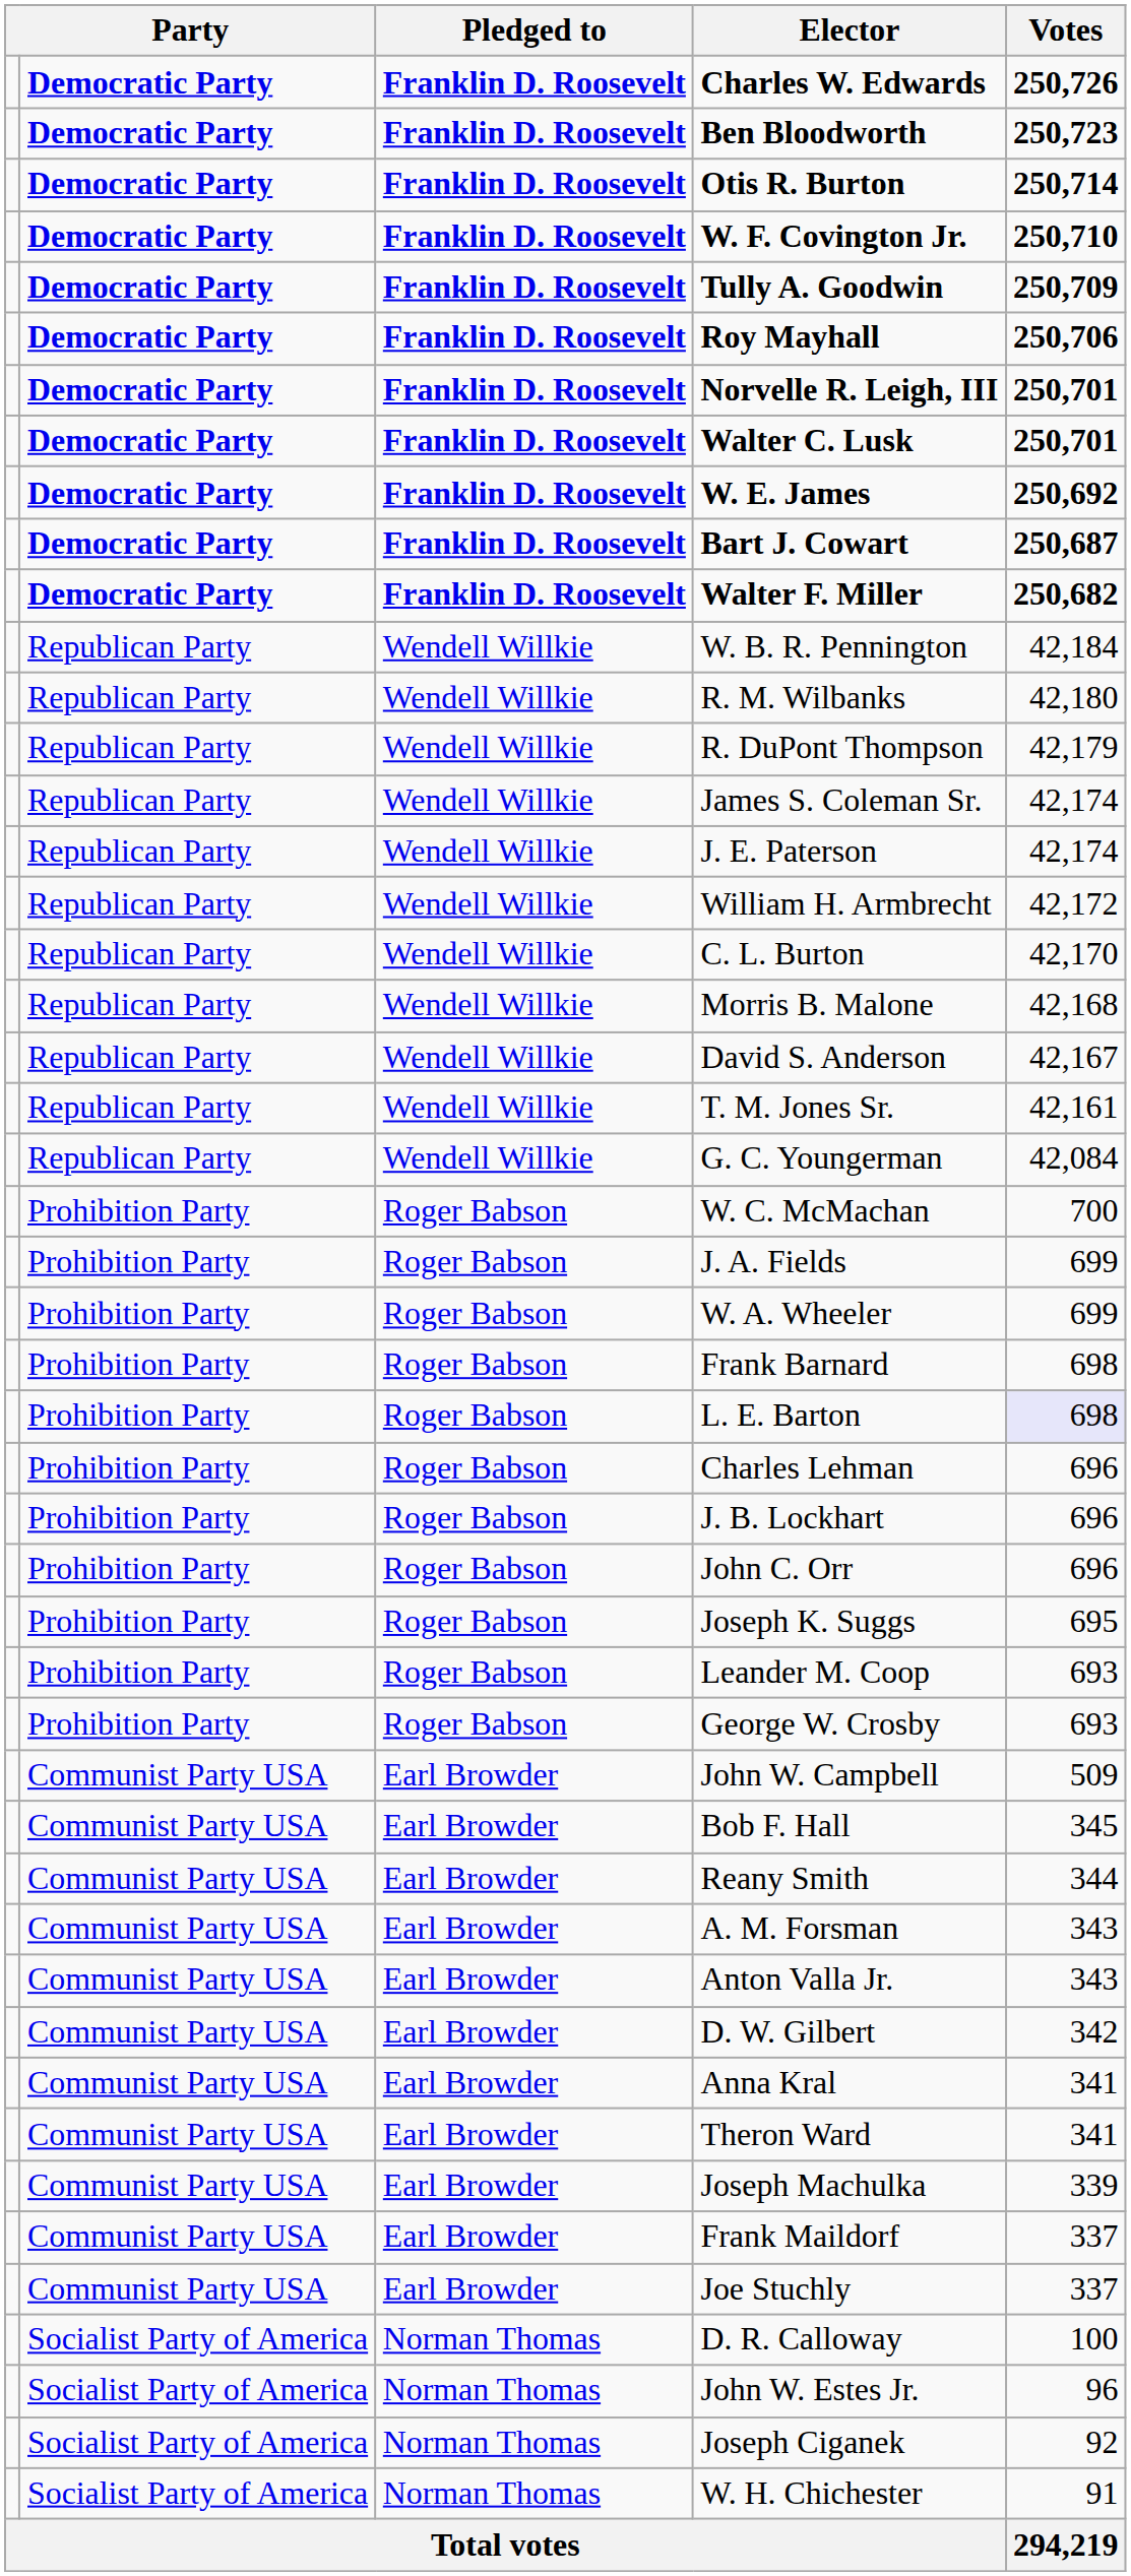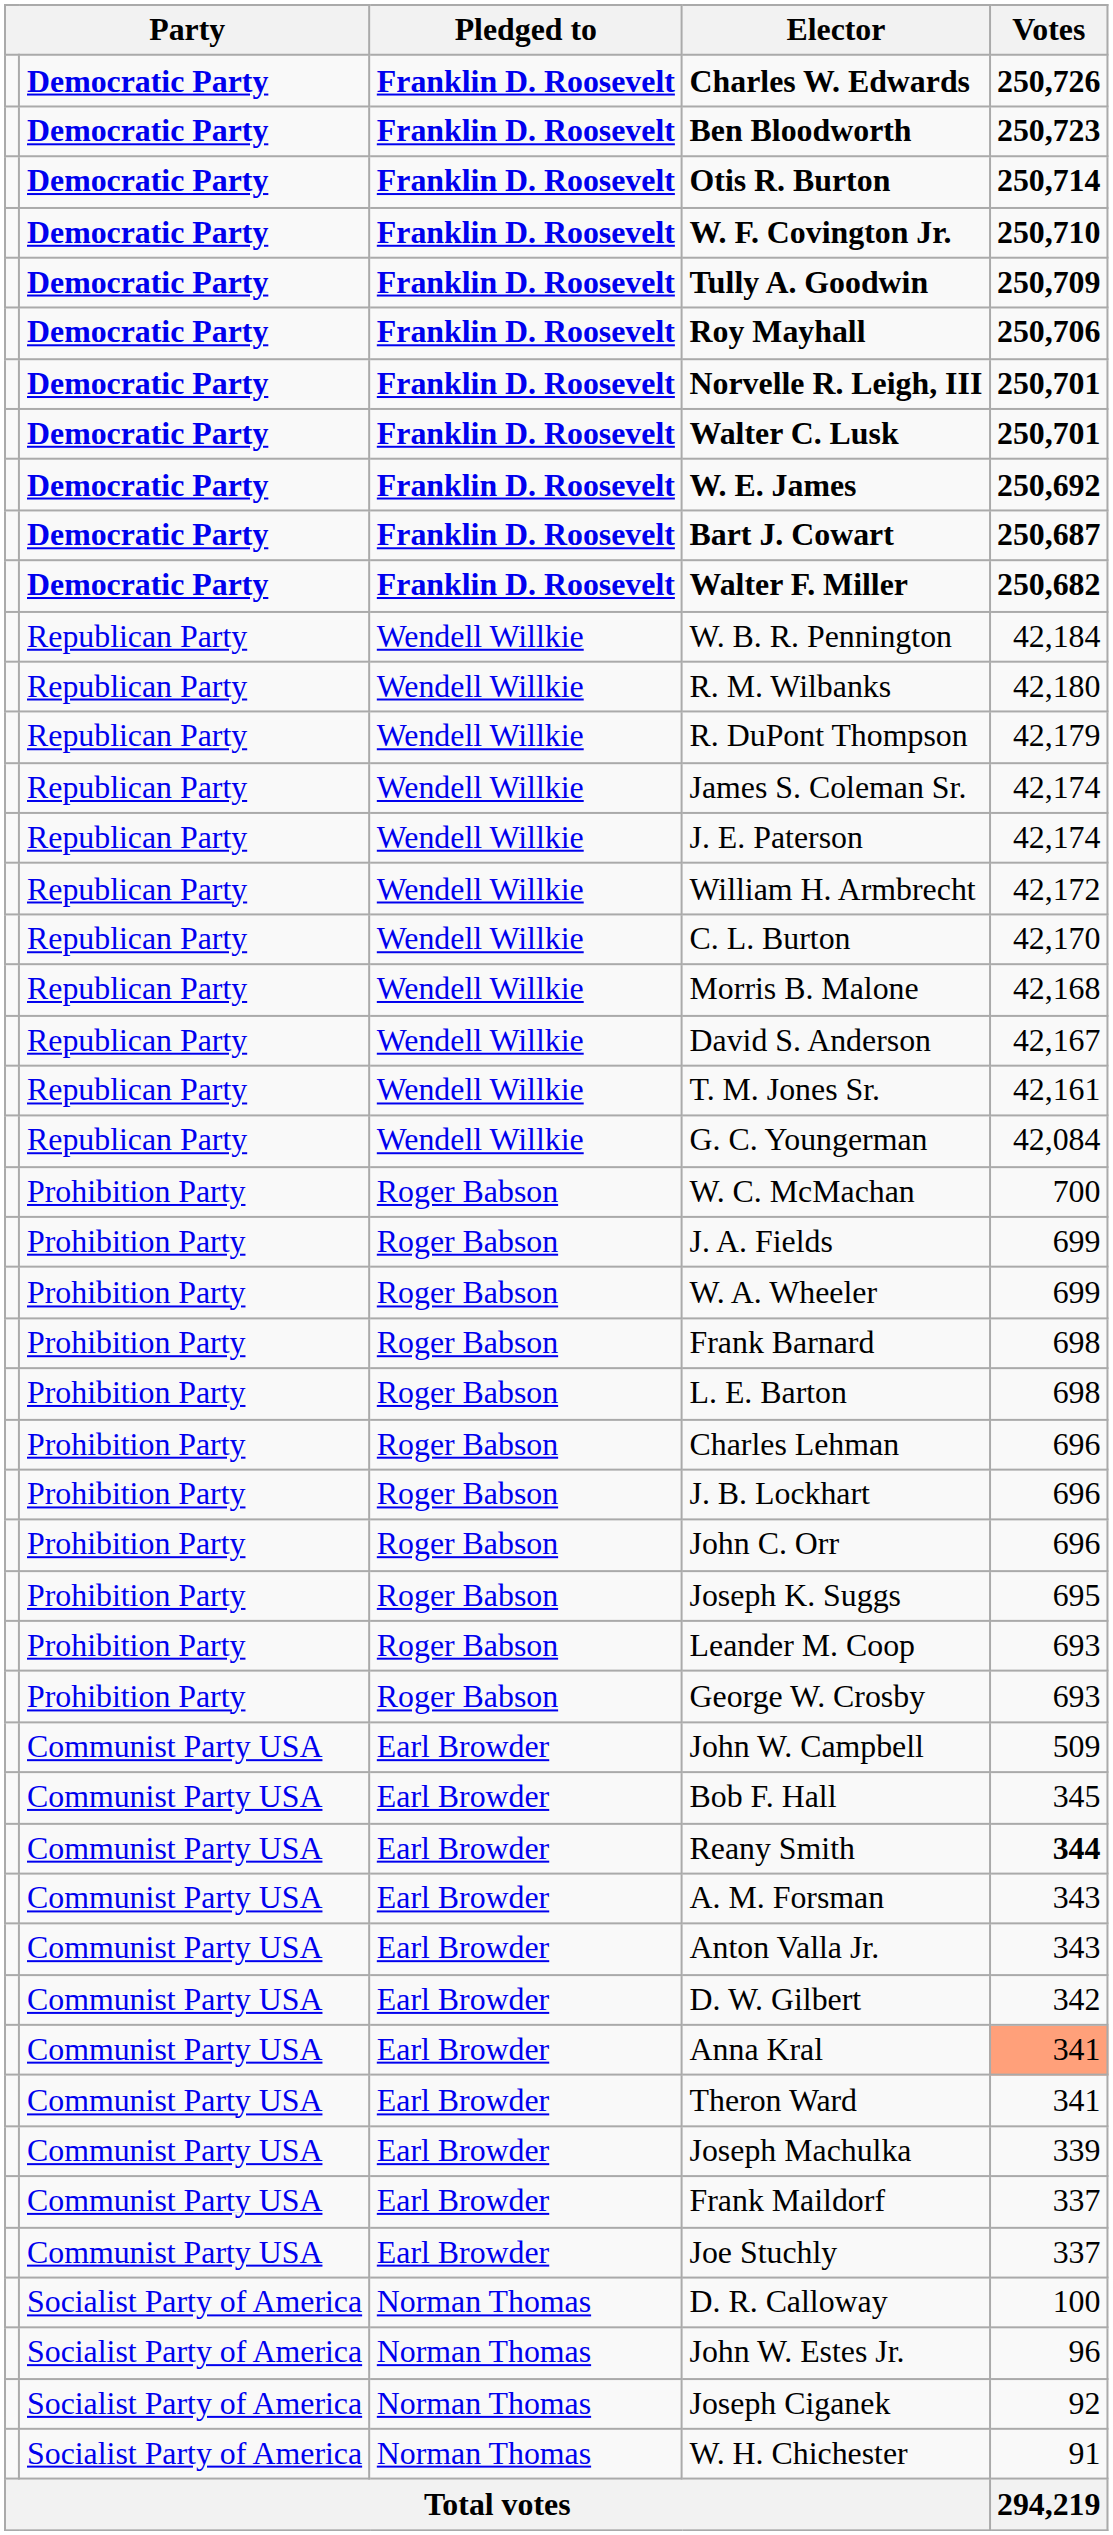 <table class="wikitable">
 <tr>
 <th colspan=2>Party</th>
 <th>Pledged to</th>
 <th>Elector</th>
 <th>Votes</th>
 </tr>
 <tr style="font-weight:bold">
 <td bgcolor=></td>
 <td><a href='#'>Democratic Party</a></td>
 <td><a href='#'>Franklin D. Roosevelt</a></td>
 <td>Charles W. Edwards</td>
 <td align=right>250,726</td>
 </tr>
 <tr style="font-weight:bold">
 <td bgcolor=></td>
 <td><a href='#'>Democratic Party</a></td>
 <td><a href='#'>Franklin D. Roosevelt</a></td>
 <td>Ben Bloodworth</td>
 <td align=right>250,723</td>
 </tr>
 <tr style="font-weight:bold">
 <td bgcolor=></td>
 <td><a href='#'>Democratic Party</a></td>
 <td><a href='#'>Franklin D. Roosevelt</a></td>
 <td>Otis R. Burton</td>
 <td align=right>250,714</td>
 </tr>
 <tr style="font-weight:bold">
 <td bgcolor=></td>
 <td><a href='#'>Democratic Party</a></td>
 <td><a href='#'>Franklin D. Roosevelt</a></td>
 <td>W. F. Covington Jr.</td>
 <td align=right>250,710</td>
 </tr>
 <tr style="font-weight:bold">
 <td bgcolor=></td>
 <td><a href='#'>Democratic Party</a></td>
 <td><a href='#'>Franklin D. Roosevelt</a></td>
 <td>Tully A. Goodwin</td>
 <td align=right>250,709</td>
 </tr>
 <tr style="font-weight:bold">
 <td bgcolor=></td>
 <td><a href='#'>Democratic Party</a></td>
 <td><a href='#'>Franklin D. Roosevelt</a></td>
 <td>Roy Mayhall</td>
 <td align=right>250,706</td>
 </tr>
 <tr style="font-weight:bold">
 <td bgcolor=></td>
 <td><a href='#'>Democratic Party</a></td>
 <td><a href='#'>Franklin D. Roosevelt</a></td>
 <td>Norvelle R. Leigh, III</td>
 <td align=right>250,701</td>
 </tr>
 <tr style="font-weight:bold">
 <td bgcolor=></td>
 <td><a href='#'>Democratic Party</a></td>
 <td><a href='#'>Franklin D. Roosevelt</a></td>
 <td>Walter C. Lusk</td>
 <td align=right>250,701</td>
 </tr>
 <tr style="font-weight:bold">
 <td bgcolor=></td>
 <td><a href='#'>Democratic Party</a></td>
 <td><a href='#'>Franklin D. Roosevelt</a></td>
 <td>W. E. James</td>
 <td align=right>250,692</td>
 </tr>
 <tr style="font-weight:bold">
 <td bgcolor=></td>
 <td><a href='#'>Democratic Party</a></td>
 <td><a href='#'>Franklin D. Roosevelt</a></td>
 <td>Bart J. Cowart</td>
 <td align=right>250,687</td>
 </tr>
 <tr style="font-weight:bold">
 <td bgcolor=></td>
 <td><a href='#'>Democratic Party</a></td>
 <td><a href='#'>Franklin D. Roosevelt</a></td>
 <td>Walter F. Miller</td>
 <td align=right>250,682</td>
 </tr>
 <tr>
 <td bgcolor=></td>
 <td><a href='#'>Republican Party</a></td>
 <td><a href='#'>Wendell Willkie</a></td>
 <td>W. B. R. Pennington</td>
 <td align=right>42,184</td>
 </tr>
 <tr>
 <td bgcolor=></td>
 <td><a href='#'>Republican Party</a></td>
 <td><a href='#'>Wendell Willkie</a></td>
 <td>R. M. Wilbanks</td>
 <td align=right>42,180</td>
 </tr>
 <tr>
 <td bgcolor=></td>
 <td><a href='#'>Republican Party</a></td>
 <td><a href='#'>Wendell Willkie</a></td>
 <td>R. DuPont Thompson</td>
 <td align=right>42,179</td>
 </tr>
 <tr>
 <td bgcolor=></td>
 <td><a href='#'>Republican Party</a></td>
 <td><a href='#'>Wendell Willkie</a></td>
 <td>James S. Coleman Sr.</td>
 <td align=right>42,174</td>
 </tr>
 <tr>
 <td bgcolor=></td>
 <td><a href='#'>Republican Party</a></td>
 <td><a href='#'>Wendell Willkie</a></td>
 <td>J. E. Paterson</td>
 <td align=right>42,174</td>
 </tr>
 <tr>
 <td bgcolor=></td>
 <td><a href='#'>Republican Party</a></td>
 <td><a href='#'>Wendell Willkie</a></td>
 <td>William H. Armbrecht</td>
 <td align=right>42,172</td>
 </tr>
 <tr>
 <td bgcolor=></td>
 <td><a href='#'>Republican Party</a></td>
 <td><a href='#'>Wendell Willkie</a></td>
 <td>C. L. Burton</td>
 <td align=right>42,170</td>
 </tr>
 <tr>
 <td bgcolor=></td>
 <td><a href='#'>Republican Party</a></td>
 <td><a href='#'>Wendell Willkie</a></td>
 <td>Morris B. Malone</td>
 <td align=right>42,168</td>
 </tr>
 <tr>
 <td bgcolor=></td>
 <td><a href='#'>Republican Party</a></td>
 <td><a href='#'>Wendell Willkie</a></td>
 <td>David S. Anderson</td>
 <td align=right>42,167</td>
 </tr>
 <tr>
 <td bgcolor=></td>
 <td><a href='#'>Republican Party</a></td>
 <td><a href='#'>Wendell Willkie</a></td>
 <td>T. M. Jones Sr.</td>
 <td align=right>42,161</td>
 </tr>
 <tr>
 <td bgcolor=></td>
 <td><a href='#'>Republican Party</a></td>
 <td><a href='#'>Wendell Willkie</a></td>
 <td>G. C. Youngerman</td>
 <td align=right>42,084</td>
 </tr>
 <tr>
 <td bgcolor=></td>
 <td><a href='#'>Prohibition Party</a></td>
 <td><a href='#'>Roger Babson</a></td>
 <td>W. C. McMachan</td>
 <td align=right>700</td>
 </tr>
 <tr>
 <td bgcolor=></td>
 <td><a href='#'>Prohibition Party</a></td>
 <td><a href='#'>Roger Babson</a></td>
 <td>J. A. Fields</td>
 <td align=right>699</td>
 </tr>
 <tr>
 <td bgcolor=></td>
 <td><a href='#'>Prohibition Party</a></td>
 <td><a href='#'>Roger Babson</a></td>
 <td>W. A. Wheeler</td>
 <td align=right>699</td>
 </tr>
 <tr>
 <td bgcolor=></td>
 <td><a href='#'>Prohibition Party</a></td>
 <td><a href='#'>Roger Babson</a></td>
 <td>Frank Barnard</td>
 <td align=right>698</td>
 </tr>
 <tr>
 <td bgcolor=></td>
 <td><a href='#'>Prohibition Party</a></td>
 <td><a href='#'>Roger Babson</a></td>
 <td>L. E. Barton</td>
-<td align=right style="background: lavender;">698</td>
+<td align=right>698</td>
 </tr>
 <tr>
 <td bgcolor=></td>
 <td><a href='#'>Prohibition Party</a></td>
 <td><a href='#'>Roger Babson</a></td>
 <td>Charles Lehman</td>
 <td align=right>696</td>
 </tr>
 <tr>
 <td bgcolor=></td>
 <td><a href='#'>Prohibition Party</a></td>
 <td><a href='#'>Roger Babson</a></td>
 <td>J. B. Lockhart</td>
 <td align=right>696</td>
 </tr>
 <tr>
 <td bgcolor=></td>
 <td><a href='#'>Prohibition Party</a></td>
 <td><a href='#'>Roger Babson</a></td>
 <td>John C. Orr</td>
 <td align=right>696</td>
 </tr>
 <tr>
 <td bgcolor=></td>
 <td><a href='#'>Prohibition Party</a></td>
 <td><a href='#'>Roger Babson</a></td>
 <td>Joseph K. Suggs</td>
 <td align=right>695</td>
 </tr>
 <tr>
 <td bgcolor=></td>
 <td><a href='#'>Prohibition Party</a></td>
 <td><a href='#'>Roger Babson</a></td>
 <td>Leander M. Coop</td>
 <td align=right>693</td>
 </tr>
 <tr>
 <td bgcolor=></td>
 <td><a href='#'>Prohibition Party</a></td>
 <td><a href='#'>Roger Babson</a></td>
 <td>George W. Crosby</td>
 <td align=right>693</td>
 </tr>
 <tr>
 <td bgcolor=></td>
 <td><a href='#'>Communist Party USA</a></td>
 <td><a href='#'>Earl Browder</a></td>
 <td>John W. Campbell</td>
 <td align=right>509</td>
 </tr>
 <tr>
 <td bgcolor=></td>
 <td><a href='#'>Communist Party USA</a></td>
 <td><a href='#'>Earl Browder</a></td>
 <td>Bob F. Hall</td>
 <td align=right>345</td>
 </tr>
 <tr>
 <td bgcolor=></td>
 <td><a href='#'>Communist Party USA</a></td>
 <td><a href='#'>Earl Browder</a></td>
 <td>Reany Smith</td>
-<td align=right>344</td>
+<td align=right><strong>344</strong></td>
 </tr>
 <tr>
 <td bgcolor=></td>
 <td><a href='#'>Communist Party USA</a></td>
 <td><a href='#'>Earl Browder</a></td>
 <td>A. M. Forsman</td>
 <td align=right>343</td>
 </tr>
 <tr>
 <td bgcolor=></td>
 <td><a href='#'>Communist Party USA</a></td>
 <td><a href='#'>Earl Browder</a></td>
 <td>Anton Valla Jr.</td>
 <td align=right>343</td>
 </tr>
 <tr>
 <td bgcolor=></td>
 <td><a href='#'>Communist Party USA</a></td>
 <td><a href='#'>Earl Browder</a></td>
 <td>D. W. Gilbert</td>
 <td align=right>342</td>
 </tr>
 <tr>
 <td bgcolor=></td>
 <td><a href='#'>Communist Party USA</a></td>
 <td><a href='#'>Earl Browder</a></td>
 <td>Anna Kral</td>
-<td align=right>341</td>
+<td align=right style="background: lightsalmon;">341</td>
 </tr>
 <tr>
 <td bgcolor=></td>
 <td><a href='#'>Communist Party USA</a></td>
 <td><a href='#'>Earl Browder</a></td>
 <td>Theron Ward</td>
 <td align=right>341</td>
 </tr>
 <tr>
 <td bgcolor=></td>
 <td><a href='#'>Communist Party USA</a></td>
 <td><a href='#'>Earl Browder</a></td>
 <td>Joseph Machulka</td>
 <td align=right>339</td>
 </tr>
 <tr>
 <td bgcolor=></td>
 <td><a href='#'>Communist Party USA</a></td>
 <td><a href='#'>Earl Browder</a></td>
 <td>Frank Maildorf</td>
 <td align=right>337</td>
 </tr>
 <tr>
 <td bgcolor=></td>
 <td><a href='#'>Communist Party USA</a></td>
 <td><a href='#'>Earl Browder</a></td>
 <td>Joe Stuchly</td>
 <td align=right>337</td>
 </tr>
 <tr>
 <td bgcolor=></td>
 <td><a href='#'>Socialist Party of America</a></td>
 <td><a href='#'>Norman Thomas</a></td>
 <td>D. R. Calloway</td>
 <td align=right>100</td>
 </tr>
 <tr>
 <td bgcolor=></td>
 <td><a href='#'>Socialist Party of America</a></td>
 <td><a href='#'>Norman Thomas</a></td>
 <td>John W. Estes Jr.</td>
 <td align=right>96</td>
 </tr>
 <tr>
 <td bgcolor=></td>
 <td><a href='#'>Socialist Party of America</a></td>
 <td><a href='#'>Norman Thomas</a></td>
 <td>Joseph Ciganek</td>
 <td align=right>92</td>
 </tr>
 <tr>
 <td bgcolor=></td>
 <td><a href='#'>Socialist Party of America</a></td>
 <td><a href='#'>Norman Thomas</a></td>
 <td>W. H. Chichester</td>
 <td align=right>91</td>
 </tr>
 <tr>
 <th colspan=4>Total votes</th>
 <th>294,219</th>
 </tr>
 </table>
